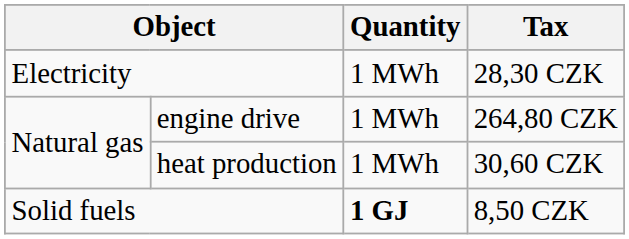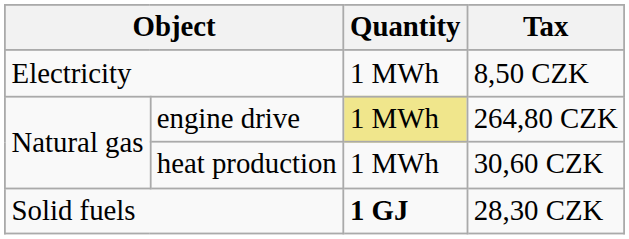 <table class="wikitable">
 <tr>
 <th colspan="2">Object</th>
 <th>Quantity</th>
 <th>Tax</th>
 </tr>
 <tr>
 <td colspan="2">Electricity</td>
 <td>1 MWh</td>
-<td>28,30 CZK</td>
+<td>8,50 CZK</td>
 </tr>
 <tr>
 <td rowspan="2">Natural gas</td>
 <td>engine drive</td>
-<td>1 MWh</td>
+<td style="background: khaki;">1 MWh</td>
 <td>264,80 CZK</td>
 </tr>
 <tr>
 <td>heat production</td>
 <td>1 MWh</td>
 <td>30,60 CZK</td>
 </tr>
 <tr>
 <td colspan="2">Solid fuels</td>
 <td><strong>1 GJ</strong></td>
-<td>8,50 CZK</td>
+<td>28,30 CZK</td>
 </tr>
 </table>
